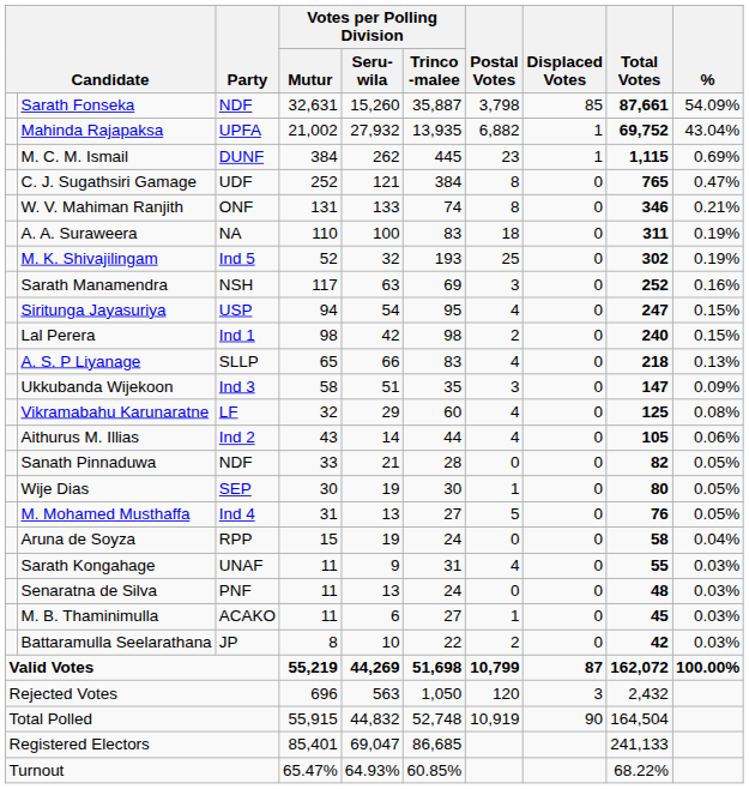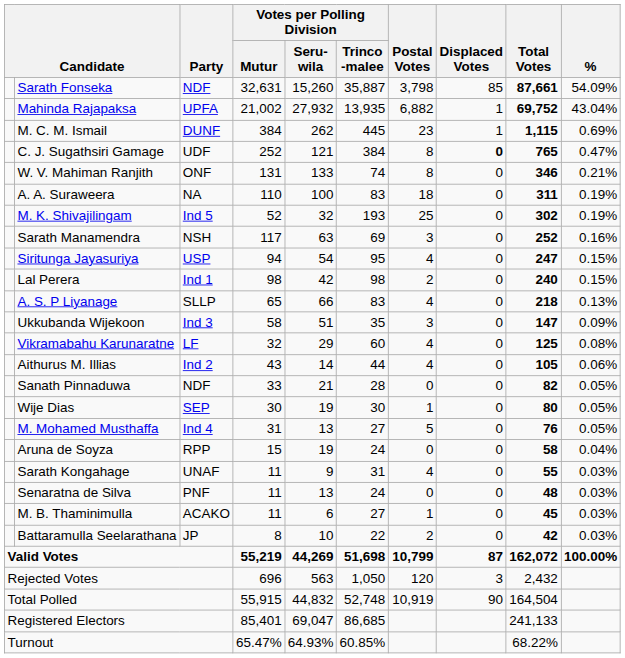 <table class="wikitable" border="1" style="text-align:right;">
 <tr>
 <th align=left valign=bottom rowspan=2 colspan=2>Candidate</th>
 <th align=left valign=bottom rowspan=2 width="40">Party</th>
 <th colspan=3>Votes per Polling Division</th>
 <th align=center valign=bottom rowspan=2 width="50">Postal<br>Votes</th>
 <th align=center valign=bottom rowspan=2 width="50">Displaced<br>Votes</th>
 <th align=center valign=bottom rowspan=2 width="50">Total Votes</th>
 <th align=center valign=bottom rowspan=2 width="50">%</th>
 </tr>
 <tr>
 <th align=center valign=bottom width="50">Mutur</th>
 <th align=center valign=bottom width="50">Seru-<br>wila</th>
 <th align=center valign=bottom width="50">Trinco<br>-malee</th>
 </tr>
 <tr>
 <td bgcolor=> </td>
 <td align=left><a href='#'>Sarath Fonseka</a></td>
 <td align=left><a href='#'>NDF</a></td>
 <td>32,631</td>
 <td>15,260</td>
 <td>35,887</td>
 <td>3,798</td>
 <td>85</td>
 <td><strong>87,661</strong></td>
 <td>54.09%</td>
 </tr>
 <tr>
 <td bgcolor=> </td>
 <td align=left><a href='#'>Mahinda Rajapaksa</a></td>
 <td align=left><a href='#'>UPFA</a></td>
 <td>21,002</td>
 <td>27,932</td>
 <td>13,935</td>
 <td>6,882</td>
 <td>1</td>
 <td><strong>69,752</strong></td>
 <td>43.04%</td>
 </tr>
 <tr>
 <td></td>
 <td align=left>M. C. M. Ismail</td>
 <td align=left><a href='#'>DUNF</a></td>
 <td>384</td>
 <td>262</td>
 <td>445</td>
 <td>23</td>
 <td>1</td>
 <td><strong>1,115</strong></td>
 <td>0.69%</td>
 </tr>
 <tr>
 <td></td>
 <td align=left>C. J. Sugathsiri Gamage</td>
 <td align=left>UDF</td>
 <td>252</td>
 <td>121</td>
 <td>384</td>
 <td>8</td>
-<td>0</td>
+<td><strong>0</strong></td>
 <td><strong>765</strong></td>
 <td>0.47%</td>
 </tr>
 <tr>
 <td bgcolor=> </td>
 <td align=left>W. V. Mahiman Ranjith</td>
 <td align=left>ONF</td>
 <td>131</td>
 <td>133</td>
 <td>74</td>
 <td>8</td>
 <td>0</td>
 <td><strong>346</strong></td>
 <td>0.21%</td>
 </tr>
 <tr>
 <td></td>
 <td align=left>A. A. Suraweera</td>
 <td align=left>NA</td>
 <td>110</td>
 <td>100</td>
 <td>83</td>
 <td>18</td>
 <td>0</td>
 <td><strong>311</strong></td>
 <td>0.19%</td>
 </tr>
 <tr>
 <td bgcolor=> </td>
 <td align=left><a href='#'>M. K. Shivajilingam</a></td>
 <td align=left><a href='#'>Ind 5</a></td>
 <td>52</td>
 <td>32</td>
 <td>193</td>
 <td>25</td>
 <td>0</td>
 <td><strong>302</strong></td>
 <td>0.19%</td>
 </tr>
 <tr>
 <td></td>
 <td align=left>Sarath Manamendra</td>
 <td align=left>NSH</td>
 <td>117</td>
 <td>63</td>
 <td>69</td>
 <td>3</td>
 <td>0</td>
 <td><strong>252</strong></td>
 <td>0.16%</td>
 </tr>
 <tr>
 <td></td>
 <td align=left><a href='#'>Siritunga Jayasuriya</a></td>
 <td align=left><a href='#'>USP</a></td>
 <td>94</td>
 <td>54</td>
 <td>95</td>
 <td>4</td>
 <td>0</td>
 <td><strong>247</strong></td>
 <td>0.15%</td>
 </tr>
 <tr>
 <td></td>
 <td align=left>Lal Perera</td>
 <td align=left><a href='#'>Ind 1</a></td>
 <td>98</td>
 <td>42</td>
 <td>98</td>
 <td>2</td>
 <td>0</td>
 <td><strong>240</strong></td>
 <td>0.15%</td>
 </tr>
 <tr>
 <td></td>
 <td align=left><a href='#'>A. S. P Liyanage</a></td>
 <td align=left>SLLP</td>
 <td>65</td>
 <td>66</td>
 <td>83</td>
 <td>4</td>
 <td>0</td>
 <td><strong>218</strong></td>
 <td>0.13%</td>
 </tr>
 <tr>
 <td bgcolor=> </td>
 <td align=left>Ukkubanda Wijekoon</td>
 <td align=left><a href='#'>Ind 3</a></td>
 <td>58</td>
 <td>51</td>
 <td>35</td>
 <td>3</td>
 <td>0</td>
 <td><strong>147</strong></td>
 <td>0.09%</td>
 </tr>
 <tr>
 <td bgcolor=> </td>
 <td align=left><a href='#'>Vikramabahu Karunaratne</a></td>
 <td align=left><a href='#'>LF</a></td>
 <td>32</td>
 <td>29</td>
 <td>60</td>
 <td>4</td>
 <td>0</td>
 <td><strong>125</strong></td>
 <td>0.08%</td>
 </tr>
 <tr>
 <td bgcolor=> </td>
 <td align=left>Aithurus M. Illias</td>
 <td align=left><a href='#'>Ind 2</a></td>
 <td>43</td>
 <td>14</td>
 <td>44</td>
 <td>4</td>
 <td>0</td>
 <td><strong>105</strong></td>
 <td>0.06%</td>
 </tr>
 <tr>
 <td></td>
 <td align=left>Sanath Pinnaduwa</td>
 <td align=left>NDF</td>
 <td>33</td>
 <td>21</td>
 <td>28</td>
 <td>0</td>
 <td>0</td>
 <td><strong>82</strong></td>
 <td>0.05%</td>
 </tr>
 <tr>
 <td></td>
 <td align=left>Wije Dias</td>
 <td align=left><a href='#'>SEP</a></td>
 <td>30</td>
 <td>19</td>
 <td>30</td>
 <td>1</td>
 <td>0</td>
 <td><strong>80</strong></td>
 <td>0.05%</td>
 </tr>
 <tr>
 <td bgcolor=> </td>
 <td align=left><a href='#'>M. Mohamed Musthaffa</a></td>
 <td align=left><a href='#'>Ind 4</a></td>
 <td>31</td>
 <td>13</td>
 <td>27</td>
 <td>5</td>
 <td>0</td>
 <td><strong>76</strong></td>
 <td>0.05%</td>
 </tr>
 <tr>
 <td></td>
 <td align=left>Aruna de Soyza</td>
 <td align=left>RPP</td>
 <td>15</td>
 <td>19</td>
 <td>24</td>
 <td>0</td>
 <td>0</td>
 <td><strong>58</strong></td>
 <td>0.04%</td>
 </tr>
 <tr>
 <td></td>
 <td align=left>Sarath Kongahage</td>
 <td align=left>UNAF</td>
 <td>11</td>
 <td>9</td>
 <td>31</td>
 <td>4</td>
 <td>0</td>
 <td><strong>55</strong></td>
 <td>0.03%</td>
 </tr>
 <tr>
 <td></td>
 <td align=left>Senaratna de Silva</td>
 <td align=left>PNF</td>
 <td>11</td>
 <td>13</td>
 <td>24</td>
 <td>0</td>
 <td>0</td>
 <td><strong>48</strong></td>
 <td>0.03%</td>
 </tr>
 <tr>
 <td></td>
 <td align=left>M. B. Thaminimulla</td>
 <td align=left>ACAKO</td>
 <td>11</td>
 <td>6</td>
 <td>27</td>
 <td>1</td>
 <td>0</td>
 <td><strong>45</strong></td>
 <td>0.03%</td>
 </tr>
 <tr>
 <td></td>
 <td align=left>Battaramulla Seelarathana</td>
 <td align=left>JP</td>
 <td>8</td>
 <td>10</td>
 <td>22</td>
 <td>2</td>
 <td>0</td>
 <td><strong>42</strong></td>
 <td>0.03%</td>
 </tr>
 <tr>
 <td align=left colspan=3><strong>Valid Votes</strong></td>
 <td><strong>55,219</strong></td>
 <td><strong>44,269</strong></td>
 <td><strong>51,698</strong></td>
 <td><strong>10,799</strong></td>
 <td><strong>87</strong></td>
 <td><strong>162,072</strong></td>
 <td><strong>100.00%</strong></td>
 </tr>
 <tr>
 <td align=left colspan=3>Rejected Votes</td>
 <td>696</td>
 <td>563</td>
 <td>1,050</td>
 <td>120</td>
 <td>3</td>
 <td>2,432</td>
 <td></td>
 </tr>
 <tr>
 <td align=left colspan=3>Total Polled</td>
 <td>55,915</td>
 <td>44,832</td>
 <td>52,748</td>
 <td>10,919</td>
 <td>90</td>
 <td>164,504</td>
 <td></td>
 </tr>
 <tr>
 <td align=left colspan=3>Registered Electors</td>
 <td>85,401</td>
 <td>69,047</td>
 <td>86,685</td>
 <td></td>
 <td></td>
 <td>241,133</td>
 <td></td>
 </tr>
 <tr>
 <td align=left colspan=3>Turnout</td>
 <td>65.47%</td>
 <td>64.93%</td>
 <td>60.85%</td>
 <td></td>
 <td></td>
 <td>68.22%</td>
 <td></td>
 </tr>
 </table>
